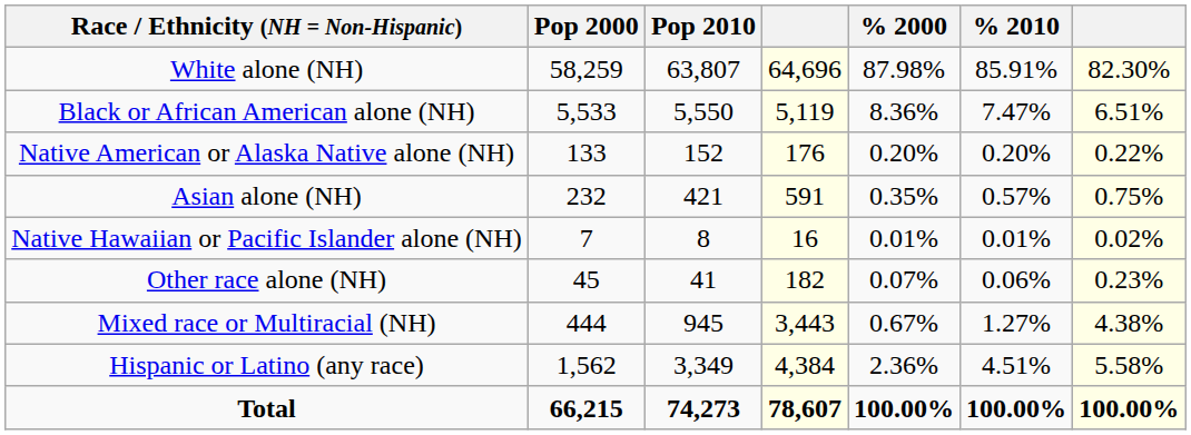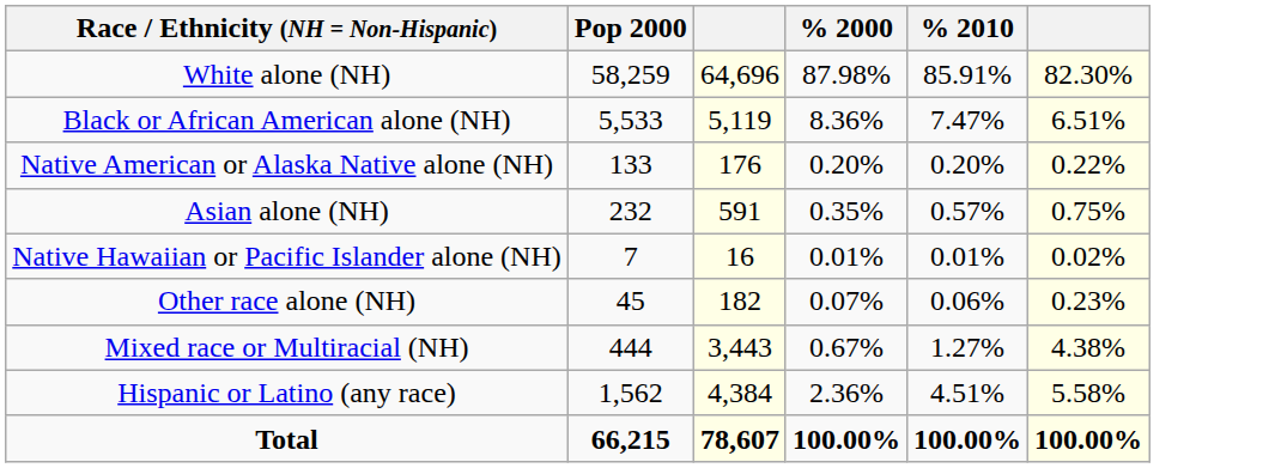 <table class="wikitable" style="text-align:center;">
 <tr>
 <th>Race / Ethnicity <small>(<em>NH = Non-Hispanic</em>)</small></th>
 <th>Pop 2000</th>
-<th>Pop 2010</th>
 <th></th>
 <th>% 2000</th>
 <th>% 2010</th>
 <th></th>
 </tr>
 <tr>
 <td><a href='#'>White</a> alone (NH)</td>
 <td>58,259</td>
-<td>63,807</td>
 <td style='background: #ffffe6;'>64,696</td>
 <td>87.98%</td>
 <td>85.91%</td>
 <td style='background: #ffffe6;'>82.30%</td>
 </tr>
 <tr>
 <td><a href='#'>Black or African American</a> alone (NH)</td>
 <td>5,533</td>
-<td>5,550</td>
 <td style='background: #ffffe6;'>5,119</td>
 <td>8.36%</td>
 <td>7.47%</td>
 <td style='background: #ffffe6;'>6.51%</td>
 </tr>
 <tr>
 <td><a href='#'>Native American</a> or <a href='#'>Alaska Native</a> alone (NH)</td>
 <td>133</td>
-<td>152</td>
 <td style='background: #ffffe6;'>176</td>
 <td>0.20%</td>
 <td>0.20%</td>
 <td style='background: #ffffe6;'>0.22%</td>
 </tr>
 <tr>
 <td><a href='#'>Asian</a> alone (NH)</td>
 <td>232</td>
-<td>421</td>
 <td style='background: #ffffe6;'>591</td>
 <td>0.35%</td>
 <td>0.57%</td>
 <td style='background: #ffffe6;'>0.75%</td>
 </tr>
 <tr>
 <td><a href='#'>Native Hawaiian</a> or <a href='#'>Pacific Islander</a> alone (NH)</td>
 <td>7</td>
-<td>8</td>
 <td style='background: #ffffe6;'>16</td>
 <td>0.01%</td>
 <td>0.01%</td>
 <td style='background: #ffffe6;'>0.02%</td>
 </tr>
 <tr>
 <td><a href='#'>Other race</a> alone (NH)</td>
 <td>45</td>
-<td>41</td>
 <td style='background: #ffffe6;'>182</td>
 <td>0.07%</td>
 <td>0.06%</td>
 <td style='background: #ffffe6;'>0.23%</td>
 </tr>
 <tr>
 <td><a href='#'>Mixed race or Multiracial</a> (NH)</td>
 <td>444</td>
-<td>945</td>
 <td style='background: #ffffe6;'>3,443</td>
 <td>0.67%</td>
 <td>1.27%</td>
 <td style='background: #ffffe6;'>4.38%</td>
 </tr>
 <tr>
 <td><a href='#'>Hispanic or Latino</a> (any race)</td>
 <td>1,562</td>
-<td>3,349</td>
 <td style='background: #ffffe6;'>4,384</td>
 <td>2.36%</td>
 <td>4.51%</td>
 <td style='background: #ffffe6;'>5.58%</td>
 </tr>
 <tr>
 <td><strong>Total</strong></td>
 <td><strong>66,215</strong></td>
-<td><strong>74,273</strong></td>
 <td style='background: #ffffe6;'><strong>78,607</strong></td>
 <td><strong>100.00%</strong></td>
 <td><strong>100.00%</strong></td>
 <td style='background: #ffffe6;'><strong>100.00%</strong></td>
 </tr>
 </table>
